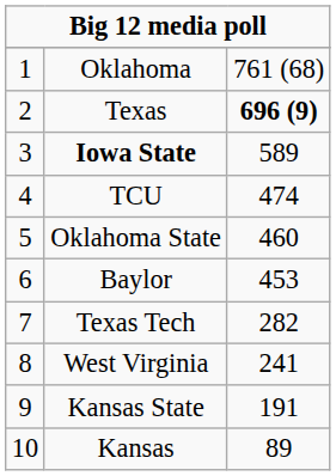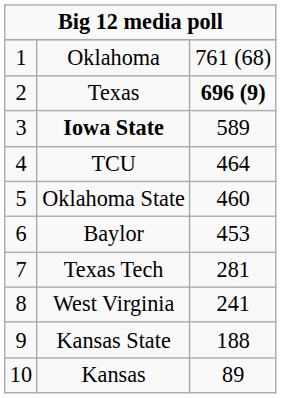 <table class="wikitable" style="display: inline-table;">
 <tr>
 <td align="center" Colspan="3"><strong>Big 12 media poll</strong></td>
 </tr>
 <tr align="center">
 </tr>
 <tr align="center">
 <td>1</td>
 <td>Oklahoma</td>
 <td>761 (68)</td>
 </tr>
 <tr align="center">
 <td>2</td>
 <td>Texas</td>
 <td><strong>696 (9)</strong></td>
 </tr>
 <tr align="center">
 <td>3</td>
 <td><strong>Iowa State</strong></td>
 <td>589</td>
 </tr>
 <tr align="center">
 <td>4</td>
 <td>TCU</td>
-<td>474</td>
+<td>464</td>
 </tr>
 <tr align="center">
 <td>5</td>
 <td>Oklahoma State</td>
 <td>460</td>
 </tr>
 <tr align="center">
 <td>6</td>
 <td>Baylor</td>
 <td>453</td>
 </tr>
 <tr align="center">
 <td>7</td>
 <td>Texas Tech</td>
-<td>282</td>
+<td>281</td>
 </tr>
 <tr align="center">
 <td>8</td>
 <td>West Virginia</td>
 <td>241</td>
 </tr>
 <tr align="center">
 <td>9</td>
 <td>Kansas State</td>
-<td>191</td>
+<td>188</td>
 </tr>
 <tr align="center">
 <td>10</td>
 <td>Kansas</td>
 <td>89</td>
 </tr>
 </table>
